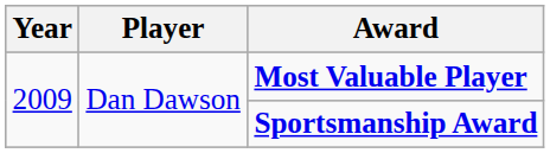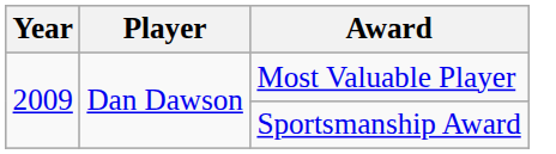 <table class="wikitable">
 <tr>
 <th>Year</th>
 <th>Player</th>
 <th>Award</th>
 </tr>
 <tr>
 <td rowspan="2"><a href='#'>2009</a></td>
 <td rowspan="2"><a href='#'>Dan Dawson</a></td>
-<td><strong><a href='#'>Most Valuable Player</a></strong></td>
+<td><a href='#'>Most Valuable Player</a></td>
 </tr>
 <tr>
-<td><strong><a href='#'>Sportsmanship Award</a></strong></td>
+<td><a href='#'>Sportsmanship Award</a></td>
 </tr>
 </table>
